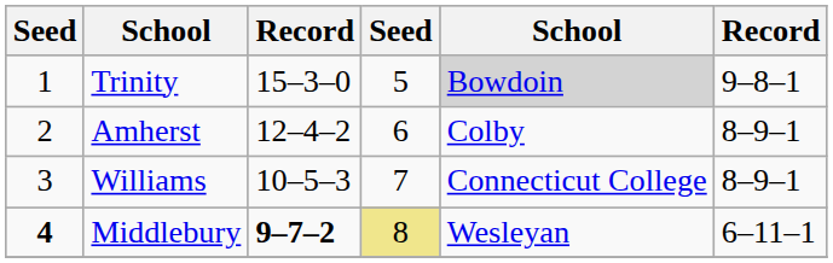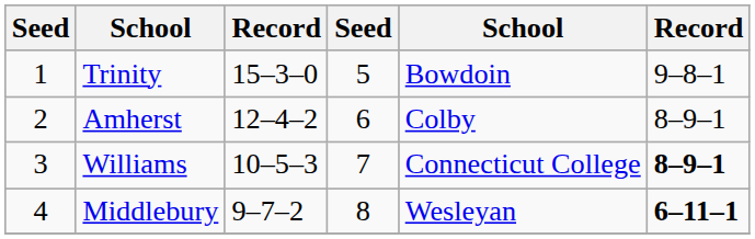 <table class="wikitable">
 <tr>
 <th>Seed</th>
 <th>School</th>
 <th>Record</th>
 <th>Seed</th>
 <th>School</th>
 <th>Record</th>
 </tr>
 <tr>
 <td align=center>1</td>
 <td><a href='#'>Trinity</a></td>
 <td>15–3–0</td>
 <td align=center>5</td>
-<td style="background: lightgrey;"><a href='#'>Bowdoin</a></td>
+<td><a href='#'>Bowdoin</a></td>
 <td>9–8–1</td>
 </tr>
 <tr>
 <td align=center>2</td>
 <td><a href='#'>Amherst</a></td>
 <td>12–4–2</td>
 <td align=center>6</td>
 <td><a href='#'>Colby</a></td>
 <td>8–9–1</td>
 </tr>
 <tr>
 <td align=center>3</td>
 <td><a href='#'>Williams</a></td>
 <td>10–5–3</td>
 <td align=center>7</td>
 <td><a href='#'>Connecticut College</a></td>
-<td>8–9–1</td>
+<td><strong>8–9–1</strong></td>
 </tr>
 <tr>
-<td align=center><strong>4</strong></td>
+<td align=center>4</td>
 <td><a href='#'>Middlebury</a></td>
-<td><strong>9–7–2</strong></td>
-<td align=center style="background: khaki;">8</td>
+<td>9–7–2</td>
+<td align=center>8</td>
 <td><a href='#'>Wesleyan</a></td>
-<td>6–11–1</td>
+<td><strong>6–11–1</strong></td>
 </tr>
 <tr>
 </tr>
 </table>
